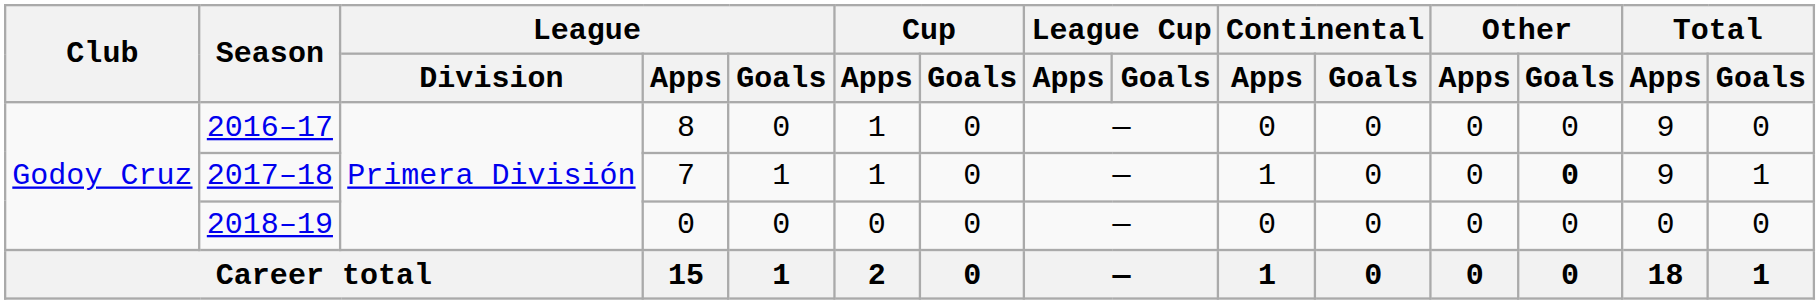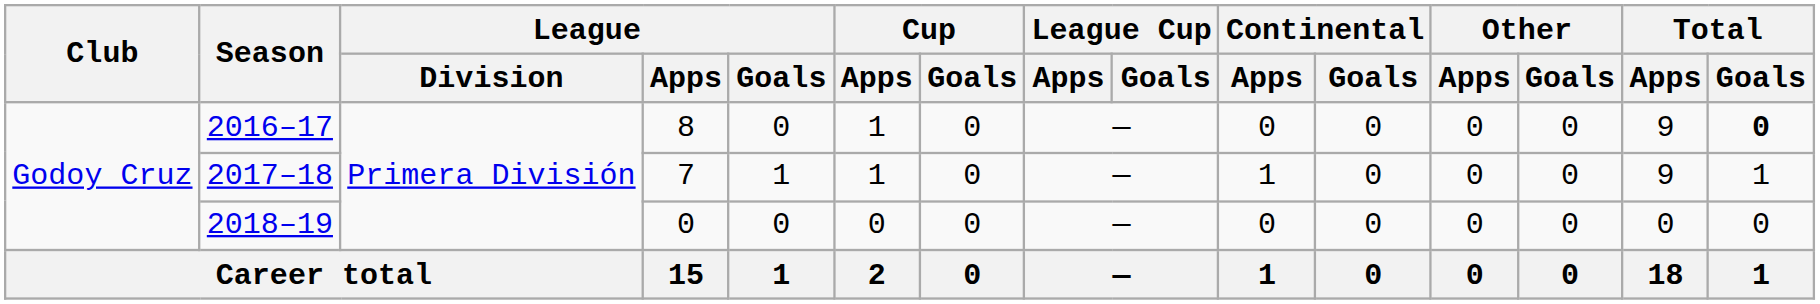 <table class="wikitable" style="text-align:center">
 <tr>
 <th rowspan="2">Club</th>
 <th rowspan="2">Season</th>
 <th colspan="3">League</th>
 <th colspan="2">Cup</th>
 <th colspan="2">League Cup</th>
 <th colspan="2">Continental</th>
 <th colspan="2">Other</th>
 <th colspan="2">Total</th>
 </tr>
 <tr>
 <th>Division</th>
 <th>Apps</th>
 <th>Goals</th>
 <th>Apps</th>
 <th>Goals</th>
 <th>Apps</th>
 <th>Goals</th>
 <th>Apps</th>
 <th>Goals</th>
 <th>Apps</th>
 <th>Goals</th>
 <th>Apps</th>
 <th>Goals</th>
 </tr>
 <tr>
 <td rowspan="3"><a href='#'>Godoy Cruz</a></td>
 <td><a href='#'>2016–17</a></td>
 <td rowspan="3"><a href='#'>Primera División</a></td>
 <td>8</td>
 <td>0</td>
 <td>1</td>
 <td>0</td>
 <td colspan="2">—</td>
 <td>0</td>
 <td>0</td>
 <td>0</td>
 <td>0</td>
 <td>9</td>
-<td>0</td>
+<td><strong>0</strong></td>
 </tr>
 <tr>
 <td><a href='#'>2017–18</a></td>
 <td>7</td>
 <td>1</td>
 <td>1</td>
 <td>0</td>
 <td colspan="2">—</td>
 <td>1</td>
 <td>0</td>
 <td>0</td>
-<td><strong>0</strong></td>
+<td>0</td>
 <td>9</td>
 <td>1</td>
 </tr>
 <tr>
 <td><a href='#'>2018–19</a></td>
 <td>0</td>
 <td>0</td>
 <td>0</td>
 <td>0</td>
 <td colspan="2">—</td>
 <td>0</td>
 <td>0</td>
 <td>0</td>
 <td>0</td>
 <td>0</td>
 <td>0</td>
 </tr>
 <tr>
 <th colspan="3">Career total</th>
 <th>15</th>
 <th>1</th>
 <th>2</th>
 <th>0</th>
 <th colspan="2">—</th>
 <th>1</th>
 <th>0</th>
 <th>0</th>
 <th>0</th>
 <th>18</th>
 <th>1</th>
 </tr>
 </table>
